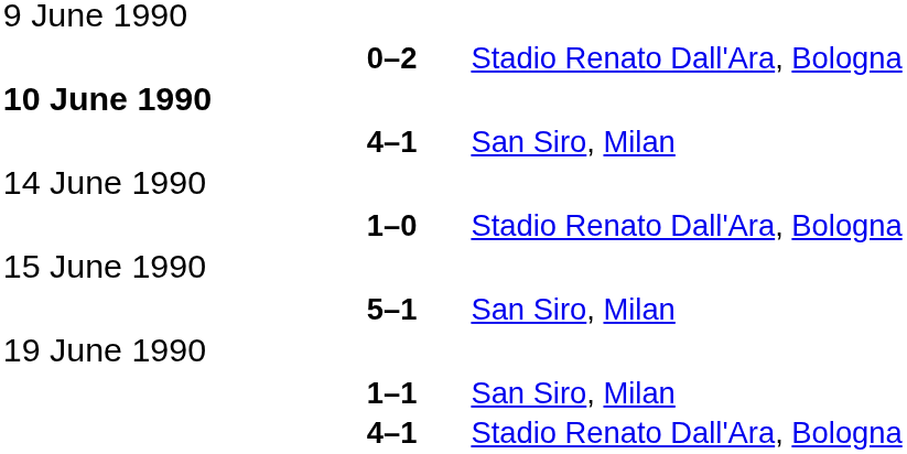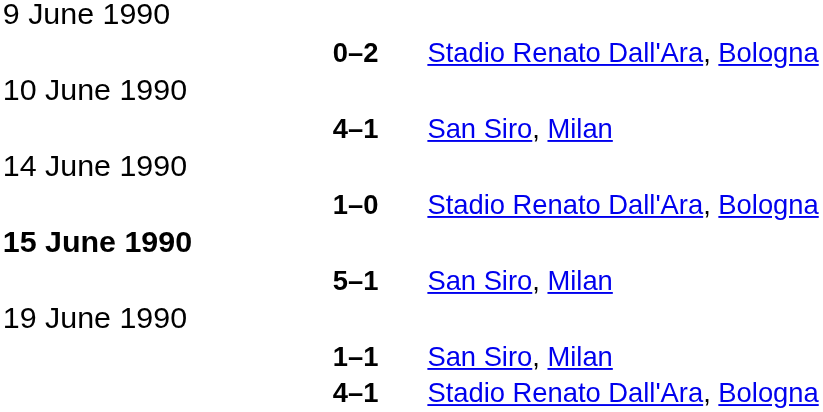 <table style="width:100%" cellspacing="1">
 <tr>
 <th width=25%></th>
 <th width=10%></th>
 <th></th>
 </tr>
 <tr>
 <td>9 June 1990</td>
 </tr>
 <tr style=font-size:90%>
 <td align=right></td>
 <td align=center><strong>0–2</strong></td>
 <td></td>
 <td><a href='#'>Stadio Renato Dall'Ara</a>, <a href='#'>Bologna</a></td>
 </tr>
 <tr>
-<td><strong>10 June 1990</strong></td>
+<td>10 June 1990</td>
 </tr>
 <tr style=font-size:90%>
 <td align=right></td>
 <td align=center><strong>4–1</strong></td>
 <td></td>
 <td><a href='#'>San Siro</a>, <a href='#'>Milan</a></td>
 </tr>
 <tr>
 <td>14 June 1990</td>
 </tr>
 <tr style=font-size:90%>
 <td align=right></td>
 <td align=center><strong>1–0</strong></td>
 <td></td>
 <td><a href='#'>Stadio Renato Dall'Ara</a>, <a href='#'>Bologna</a></td>
 </tr>
 <tr>
-<td>15 June 1990</td>
+<td><strong>15 June 1990</strong></td>
 </tr>
 <tr style=font-size:90%>
 <td align=right></td>
 <td align=center><strong>5–1</strong></td>
 <td></td>
 <td><a href='#'>San Siro</a>, <a href='#'>Milan</a></td>
 </tr>
 <tr>
 <td>19 June 1990</td>
 </tr>
 <tr style=font-size:90%>
 <td align=right></td>
 <td align=center><strong>1–1</strong></td>
 <td></td>
 <td><a href='#'>San Siro</a>, <a href='#'>Milan</a></td>
 </tr>
 <tr style=font-size:90%>
 <td align=right></td>
 <td align=center><strong>4–1</strong></td>
 <td></td>
 <td><a href='#'>Stadio Renato Dall'Ara</a>, <a href='#'>Bologna</a></td>
 </tr>
 </table>
